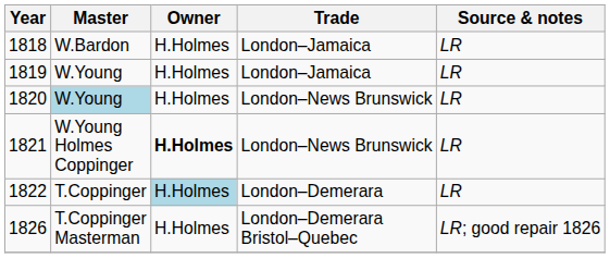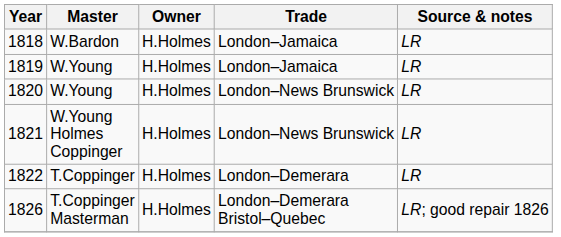 <table class=" wikitable">
 <tr>
 <th>Year</th>
 <th>Master</th>
 <th>Owner</th>
 <th>Trade</th>
 <th>Source & notes</th>
 </tr>
 <tr>
 <td>1818</td>
 <td>W.Bardon</td>
 <td>H.Holmes</td>
 <td>London–Jamaica</td>
 <td><em>LR</em></td>
 </tr>
 <tr>
 <td>1819</td>
 <td>W.Young</td>
 <td>H.Holmes</td>
 <td>London–Jamaica</td>
 <td><em>LR</em></td>
 </tr>
 <tr>
 <td>1820</td>
-<td style="background: lightblue;">W.Young</td>
+<td>W.Young</td>
 <td>H.Holmes</td>
 <td>London–News Brunswick</td>
 <td><em>LR</em></td>
 </tr>
 <tr>
 <td>1821</td>
 <td>W.Young<br>Holmes<br>Coppinger</td>
-<td><strong>H.Holmes</strong></td>
+<td>H.Holmes</td>
 <td>London–News Brunswick</td>
 <td><em>LR</em></td>
 </tr>
 <tr>
 <td>1822</td>
 <td>T.Coppinger</td>
-<td style="background: lightblue;">H.Holmes</td>
+<td>H.Holmes</td>
 <td>London–Demerara</td>
 <td><em>LR</em></td>
 </tr>
 <tr>
 <td>1826</td>
 <td>T.Coppinger<br>Masterman</td>
 <td>H.Holmes</td>
 <td>London–Demerara<br>Bristol–Quebec</td>
 <td><em>LR</em>; good repair 1826</td>
 </tr>
 <tr>
 </tr>
 </table>
